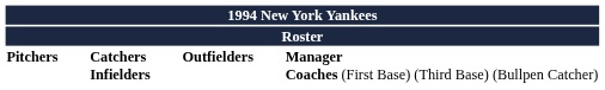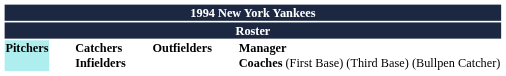 <table class="toccolours" style="font-size: 95%;">
 <tr>
 <th colspan="10" style="background-color: #1c2841; color: white; text-align: center;">1994 New York Yankees</th>
 </tr>
 <tr>
 <td colspan="10" style="background-color:#1c2841; color: white; text-align: center;"><strong>Roster</strong></td>
 </tr>
 <tr>
-<td valign="top"><strong>Pitchers</strong><br>                </td>
+<td valign="top" style="background: paleturquoise;"><strong>Pitchers</strong><br>                </td>
 <td width="25px"></td>
 <td valign="top"><strong>Catchers</strong><br>    <strong>Infielders</strong>         </td>
 <td width="25px"></td>
 <td valign="top"><strong>Outfielders</strong><br>     </td>
 <td width="25px"></td>
 <td valign="top"><strong>Manager</strong><br> <strong>Coaches</strong>   (First Base)     (Third Base)  (Bullpen Catcher)</td>
 </tr>
 </table>
